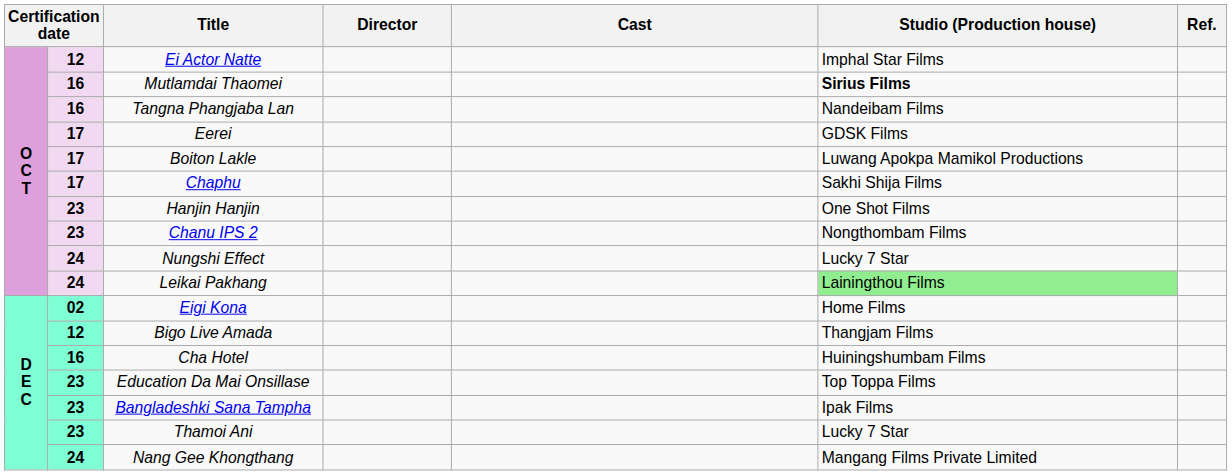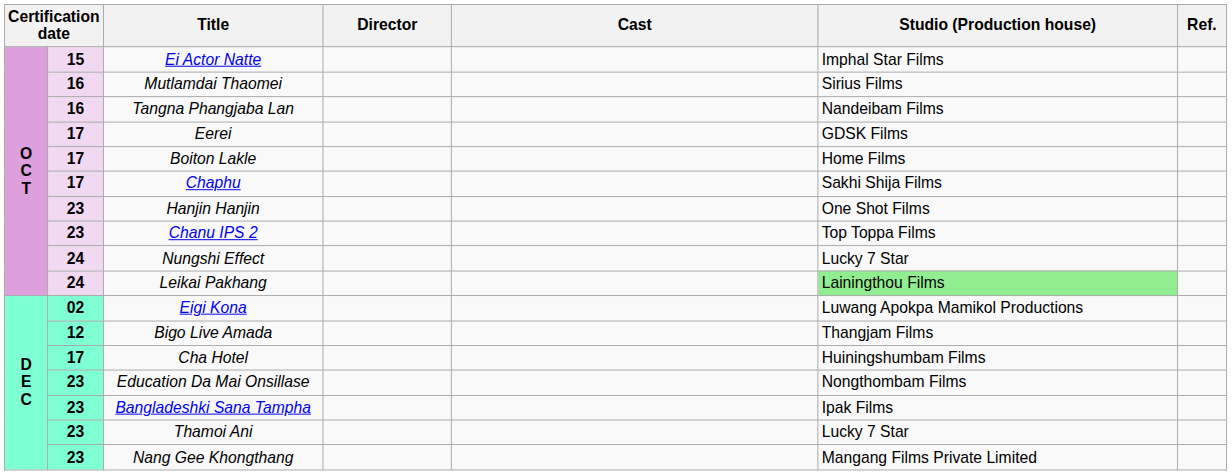 <table class="wikitable">
 <tr style="background:#b0e0e6; text-align:center;">
 <th colspan="2" style="width:6%;"><strong>Certification date</strong></th>
 <th style="width:18%;"><strong>Title</strong></th>
 <th style="width:10.5%;"><strong>Director</strong></th>
 <th style="width:30%;"><strong>Cast</strong></th>
 <th><strong>Studio (Production house)</strong></th>
 <th>Ref.</th>
 </tr>
 <tr October>
 <td rowspan="10" style="text-align:center; background:plum; textcolor:#000;"><strong>O<br>C<br>T</strong></td>
-<td rowspan="1" style="text-align:center;background:#f1daf1;"><strong>12</strong></td>
+<td rowspan="1" style="text-align:center;background:#f1daf1;"><strong>15</strong></td>
 <td style="text-align:center;"><em><a href='#'>Ei Actor Natte</a></em></td>
 <td></td>
 <td></td>
 <td>Imphal Star Films</td>
 <td></td>
 </tr>
 <tr>
 <td rowspan="1" style="text-align:center;background:#f1daf1;"><strong>16</strong></td>
 <td style="text-align:center;"><em>Mutlamdai Thaomei</em></td>
 <td></td>
 <td></td>
-<td><strong>Sirius Films</strong></td>
+<td>Sirius Films</td>
 <td></td>
 </tr>
 <tr>
 <td rowspan="1" style="text-align:center;background:#f1daf1;"><strong>16</strong></td>
 <td style="text-align:center;"><em>Tangna Phangjaba Lan</em></td>
 <td></td>
 <td></td>
 <td>Nandeibam Films</td>
 <td></td>
 </tr>
 <tr>
 <td rowspan="1" style="text-align:center;background:#f1daf1;"><strong>17</strong></td>
 <td style="text-align:center;"><em>Eerei</em></td>
 <td></td>
 <td></td>
 <td>GDSK Films</td>
 <td></td>
 </tr>
 <tr>
 <td rowspan="1" style="text-align:center;background:#f1daf1;"><strong>17</strong></td>
 <td style="text-align:center;"><em>Boiton Lakle</em></td>
 <td></td>
 <td></td>
-<td>Luwang Apokpa Mamikol Productions</td>
+<td>Home Films</td>
 <td></td>
 </tr>
 <tr>
 <td rowspan="1" style="text-align:center;background:#f1daf1;"><strong>17</strong></td>
 <td style="text-align:center;"><em><a href='#'>Chaphu</a></em></td>
 <td></td>
 <td></td>
 <td>Sakhi Shija Films</td>
 <td></td>
 </tr>
 <tr>
 <td rowspan="1" style="text-align:center;background:#f1daf1;"><strong>23</strong></td>
 <td style="text-align:center;"><em>Hanjin Hanjin</em></td>
 <td></td>
 <td></td>
 <td>One Shot Films</td>
 <td></td>
 </tr>
 <tr>
 <td rowspan="1" style="text-align:center;background:#f1daf1;"><strong>23</strong></td>
 <td style="text-align:center;"><em><a href='#'>Chanu IPS 2</a></em></td>
 <td></td>
 <td></td>
-<td>Nongthombam Films</td>
+<td>Top Toppa Films</td>
 <td></td>
 </tr>
 <tr>
 <td rowspan="1" style="text-align:center;background:#f1daf1;"><strong>24</strong></td>
 <td style="text-align:center;"><em>Nungshi Effect</em></td>
 <td></td>
 <td></td>
 <td>Lucky 7 Star</td>
 <td></td>
 </tr>
 <tr>
 <td rowspan="1" style="text-align:center;background:#f1daf1;"><strong>24</strong></td>
 <td style="text-align:center;"><em>Leikai Pakhang</em></td>
 <td></td>
 <td></td>
 <td style="background: lightgreen;">Lainingthou Films</td>
 <td></td>
 </tr>
 <tr December>
 <td rowspan="7" style="text-align:center; background:#7FFFD4; textcolor:#000;"><strong>D<br>E<br>C</strong></td>
 <td rowspan="1" style="text-align:center;background:#7FFFD4;"><strong>02</strong></td>
 <td style="text-align:center;"><em><a href='#'>Eigi Kona</a></em></td>
 <td></td>
 <td></td>
-<td>Home Films</td>
+<td>Luwang Apokpa Mamikol Productions</td>
 <td></td>
 </tr>
 <tr>
 <td rowspan="1" style="text-align:center;background:#7FFFD4;"><strong>12</strong></td>
 <td style="text-align:center;"><em>Bigo Live Amada</em></td>
 <td></td>
 <td></td>
 <td>Thangjam Films</td>
 <td></td>
 </tr>
 <tr>
-<td rowspan="1" style="text-align:center;background:#7FFFD4;"><strong>16</strong></td>
+<td rowspan="1" style="text-align:center;background:#7FFFD4;"><strong>17</strong></td>
 <td style="text-align:center;"><em>Cha Hotel</em></td>
 <td></td>
 <td></td>
 <td>Huiningshumbam Films</td>
 <td></td>
 </tr>
 <tr>
 <td rowspan="1" style="text-align:center;background:#7FFFD4;"><strong>23</strong></td>
 <td style="text-align:center;"><em>Education Da Mai Onsillase</em></td>
 <td></td>
 <td></td>
-<td>Top Toppa Films</td>
+<td>Nongthombam Films</td>
 <td></td>
 </tr>
 <tr>
 <td rowspan="1" style="text-align:center;background:#7FFFD4;"><strong>23</strong></td>
 <td style="text-align:center;"><em><a href='#'>Bangladeshki Sana Tampha</a></em></td>
 <td></td>
 <td></td>
 <td>Ipak Films</td>
 <td></td>
 </tr>
 <tr>
 <td rowspan="1" style="text-align:center;background:#7FFFD4;"><strong>23</strong></td>
 <td style="text-align:center;"><em>Thamoi Ani</em></td>
 <td></td>
 <td></td>
 <td>Lucky 7 Star</td>
 <td></td>
 </tr>
 <tr>
-<td rowspan="1" style="text-align:center;background:#7FFFD4;"><strong>24</strong></td>
+<td rowspan="1" style="text-align:center;background:#7FFFD4;"><strong>23</strong></td>
 <td style="text-align:center;"><em>Nang Gee Khongthang</em></td>
 <td></td>
 <td></td>
 <td>Mangang Films Private Limited</td>
 <td></td>
 </tr>
 </table>
